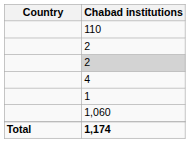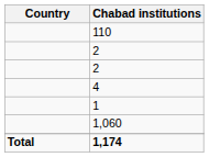 <table class="wikitable sortable">
 <tr>
 <th style="width:110px;">Country</th>
 <th data-sort-type="number">Chabad institutions</th>
 </tr>
 <tr>
 <td style="text-align:left;"></td>
 <td>110</td>
 </tr>
 <tr>
 <td style="text-align:left;"></td>
 <td>2</td>
 </tr>
 <tr>
 <td style="text-align:left;"></td>
-<td style="background: lightgrey;">2</td>
+<td>2</td>
 </tr>
 <tr>
 <td style="text-align:left;"></td>
 <td>4</td>
 </tr>
 <tr>
 <td style="text-align:left;"></td>
 <td>1</td>
 </tr>
 <tr>
 <td style="text-align:left;"></td>
 <td>1,060</td>
 </tr>
 <tr>
 </tr>
 <tr class="sortbottom">
 <td><strong>Total</strong></td>
 <td><strong>1,174</strong></td>
 </tr>
 </table>
